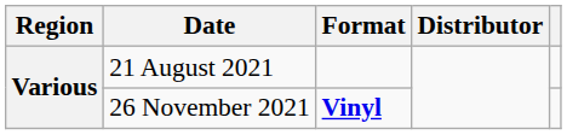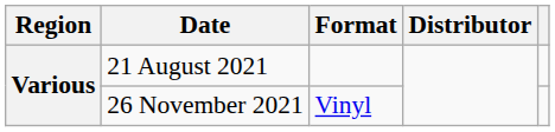 <table class="wikitable plainrowheaders">
 <tr>
 <th>Region</th>
 <th>Date</th>
 <th>Format</th>
 <th>Distributor</th>
 <th></th>
 </tr>
 <tr>
 <th scope="row" rowspan="2">Various</th>
 <td>21 August 2021</td>
 <td></td>
 <td rowspan=2></td>
 <td></td>
 </tr>
 <tr>
 <td>26 November 2021</td>
-<td><strong><a href='#'>Vinyl</a></strong></td>
+<td><a href='#'>Vinyl</a></td>
 <td></td>
 </tr>
 </table>
